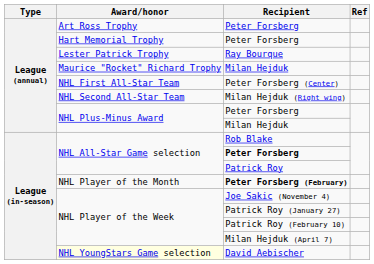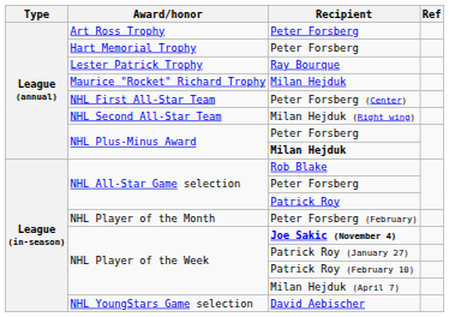 <table class="wikitable">
 <tr>
 <th scope="col">Type</th>
 <th scope="col">Award/honor</th>
 <th scope="col">Recipient</th>
 <th scope="col">Ref</th>
 </tr>
 <tr>
 <th scope="row" rowspan="8">League<br><small>(annual)</small></th>
 <td><a href='#'>Art Ross Trophy</a></td>
 <td><a href='#'>Peter Forsberg</a></td>
 <td></td>
 </tr>
 <tr>
 <td><a href='#'>Hart Memorial Trophy</a></td>
 <td>Peter Forsberg</td>
 <td></td>
 </tr>
 <tr>
 <td><a href='#'>Lester Patrick Trophy</a></td>
 <td><a href='#'>Ray Bourque</a></td>
 <td></td>
 </tr>
 <tr>
 <td><a href='#'>Maurice "Rocket" Richard Trophy</a></td>
 <td><a href='#'>Milan Hejduk</a></td>
 <td></td>
 </tr>
 <tr>
 <td><a href='#'>NHL First All-Star Team</a></td>
 <td>Peter Forsberg <small>(<a href='#'>Center</a>)</small></td>
 <td></td>
 </tr>
 <tr>
 <td><a href='#'>NHL Second All-Star Team</a></td>
 <td>Milan Hejduk <small>(<a href='#'>Right wing</a>)</small></td>
 <td></td>
 </tr>
 <tr>
 <td rowspan="2"><a href='#'>NHL Plus-Minus Award</a></td>
 <td>Peter Forsberg</td>
 <td rowspan="2"></td>
 </tr>
 <tr>
-<td>Milan Hejduk</td>
+<td><strong>Milan Hejduk</strong></td>
 </tr>
 <tr>
 <th scope="row" rowspan="9">League<br><small>(in-season)</small></th>
 <td rowspan="3"><a href='#'>NHL All-Star Game</a> selection</td>
 <td><a href='#'>Rob Blake</a></td>
 <td rowspan="3"></td>
 </tr>
 <tr>
-<td><strong>Peter Forsberg</strong></td>
+<td>Peter Forsberg</td>
 </tr>
 <tr>
 <td><a href='#'>Patrick Roy</a></td>
 </tr>
 <tr>
 <td>NHL Player of the Month</td>
-<td><strong>Peter Forsberg <small>(February)</small></strong></td>
+<td>Peter Forsberg <small>(February)</small></td>
 <td></td>
 </tr>
 <tr>
 <td rowspan="4">NHL Player of the Week</td>
-<td><a href='#'>Joe Sakic</a> <small>(November 4)</small></td>
+<td><strong><a href='#'>Joe Sakic</a> <small>(November 4)</small></strong></td>
 <td></td>
 </tr>
 <tr>
 <td>Patrick Roy <small>(January 27)</small></td>
 <td></td>
 </tr>
 <tr>
 <td>Patrick Roy <small>(February 10)</small></td>
 <td></td>
 </tr>
 <tr>
 <td>Milan Hejduk <small>(April 7)</small></td>
 <td></td>
 </tr>
 <tr>
-<td style="background: lightyellow;"><a href='#'>NHL YoungStars Game</a> selection</td>
+<td><a href='#'>NHL YoungStars Game</a> selection</td>
 <td><a href='#'>David Aebischer</a></td>
 <td></td>
 </tr>
 </table>
